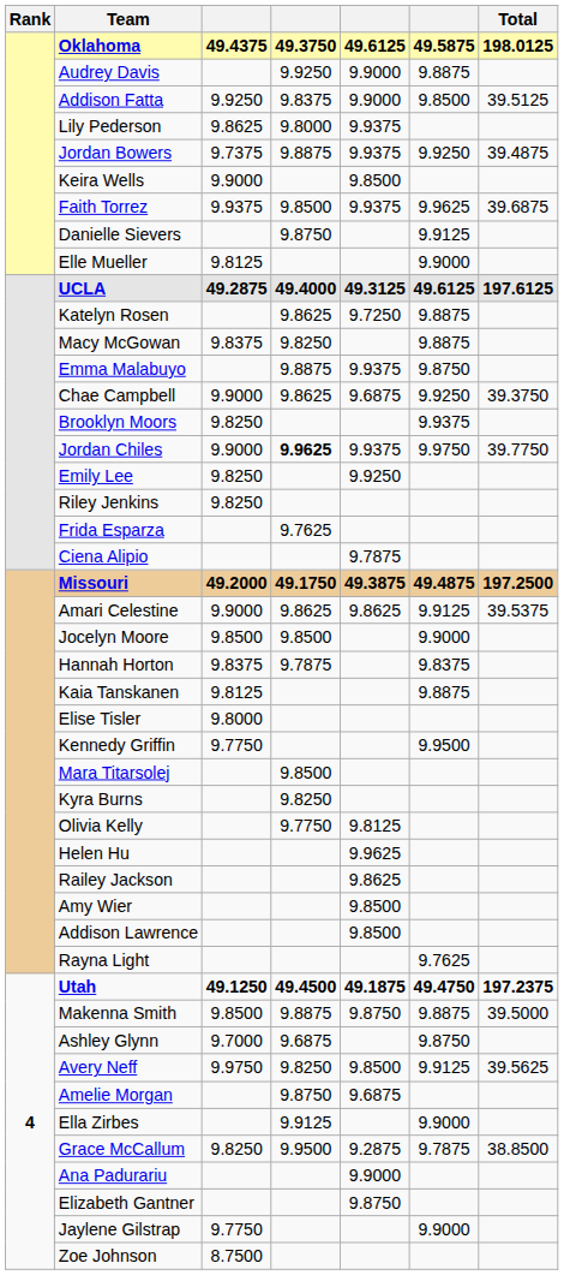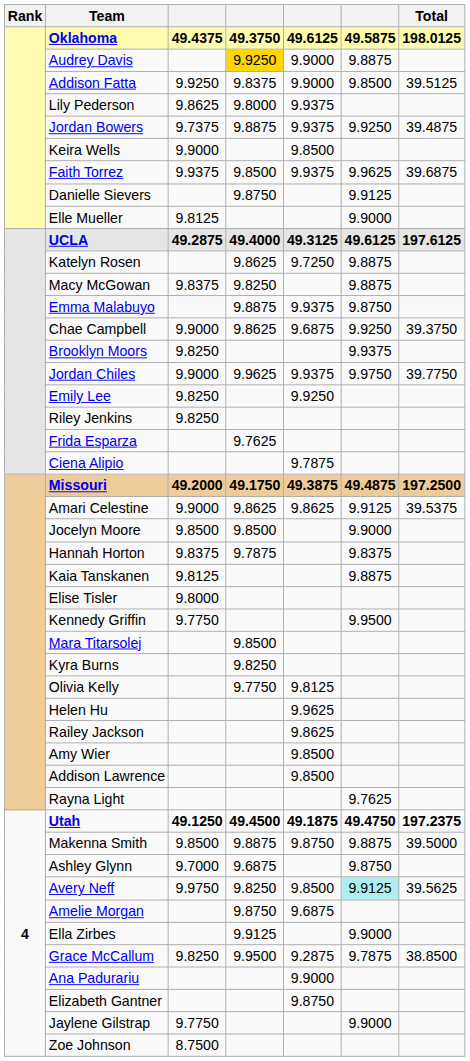 <table class="wikitable" style="text-align:center; font-size:95%">
 <tr>
 <th rowspan="1">Rank</th>
 <th rowspan="1">Team</th>
 <th colspan="1"></th>
 <th colspan="1"></th>
 <th colspan="1"></th>
 <th colspan="1"></th>
 <th rowspan="1">Total</th>
 </tr>
 <tr style="background:#fffcaf;">
 <td rowspan="9"></td>
 <td style="text-align:left;"><strong><a href='#'>Oklahoma</a></strong></td>
 <td><strong>49.4375</strong></td>
 <td><strong>49.3750</strong></td>
 <td><strong>49.6125</strong></td>
 <td><strong>49.5875</strong></td>
 <td><strong>198.0125</strong></td>
 </tr>
 <tr>
 <td style="text-align:left;"><a href='#'>Audrey Davis</a></td>
 <td></td>
-<td>9.9250</td>
+<td style="background: gold;">9.9250</td>
 <td>9.9000</td>
 <td>9.8875</td>
 <td></td>
 </tr>
 <tr>
 <td style="text-align:left;"><a href='#'>Addison Fatta</a></td>
 <td>9.9250</td>
 <td>9.8375</td>
 <td>9.9000</td>
 <td>9.8500</td>
 <td>39.5125</td>
 </tr>
 <tr>
 <td style="text-align:left;">Lily Pederson</td>
 <td>9.8625</td>
 <td>9.8000</td>
 <td>9.9375</td>
 <td></td>
 <td></td>
 </tr>
 <tr>
 <td style="text-align:left;"><a href='#'>Jordan Bowers</a></td>
 <td>9.7375</td>
 <td>9.8875</td>
 <td>9.9375</td>
 <td>9.9250</td>
 <td>39.4875</td>
 </tr>
 <tr>
 <td style="text-align:left;">Keira Wells</td>
 <td>9.9000</td>
 <td></td>
 <td>9.8500</td>
 <td></td>
 <td></td>
 </tr>
 <tr>
 <td style="text-align:left;"><a href='#'>Faith Torrez</a></td>
 <td>9.9375</td>
 <td>9.8500</td>
 <td>9.9375</td>
 <td>9.9625</td>
 <td>39.6875</td>
 </tr>
 <tr>
 <td style="text-align:left;">Danielle Sievers</td>
 <td></td>
 <td>9.8750</td>
 <td></td>
 <td>9.9125</td>
 <td></td>
 </tr>
 <tr>
 <td style="text-align:left;">Elle Mueller</td>
 <td>9.8125</td>
 <td></td>
 <td></td>
 <td>9.9000</td>
 <td></td>
 </tr>
 <tr style="background:#e5e5e5;">
 <td rowspan="11"></td>
 <td style="text-align:left;"><strong><a href='#'>UCLA</a></strong></td>
 <td><strong>49.2875</strong></td>
 <td><strong>49.4000</strong></td>
 <td><strong>49.3125</strong></td>
 <td><strong>49.6125</strong></td>
 <td><strong>197.6125</strong></td>
 </tr>
 <tr>
 <td style="text-align:left;">Katelyn Rosen</td>
 <td></td>
 <td>9.8625</td>
 <td>9.7250</td>
 <td>9.8875</td>
 <td></td>
 </tr>
 <tr>
 <td style="text-align:left;">Macy McGowan</td>
 <td>9.8375</td>
 <td>9.8250</td>
 <td></td>
 <td>9.8875</td>
 <td></td>
 </tr>
 <tr>
 <td style="text-align:left;"><a href='#'>Emma Malabuyo</a></td>
 <td></td>
 <td>9.8875</td>
 <td>9.9375</td>
 <td>9.8750</td>
 <td></td>
 </tr>
 <tr>
 <td style="text-align:left;">Chae Campbell</td>
 <td>9.9000</td>
 <td>9.8625</td>
 <td>9.6875</td>
 <td>9.9250</td>
 <td>39.3750</td>
 </tr>
 <tr>
 <td style="text-align:left;"><a href='#'>Brooklyn Moors</a></td>
 <td>9.8250</td>
 <td></td>
 <td></td>
 <td>9.9375</td>
 <td></td>
 </tr>
 <tr>
 <td style="text-align:left;"><a href='#'>Jordan Chiles</a></td>
 <td>9.9000</td>
-<td><strong>9.9625</strong></td>
+<td>9.9625</td>
 <td>9.9375</td>
 <td>9.9750</td>
 <td>39.7750</td>
 </tr>
 <tr>
 <td style="text-align:left;"><a href='#'>Emily Lee</a></td>
 <td>9.8250</td>
 <td></td>
 <td>9.9250</td>
 <td></td>
 <td></td>
 </tr>
 <tr>
 <td style="text-align:left;">Riley Jenkins</td>
 <td>9.8250</td>
 <td></td>
 <td></td>
 <td></td>
 <td></td>
 </tr>
 <tr>
 <td style="text-align:left;"><a href='#'>Frida Esparza</a></td>
 <td></td>
 <td>9.7625</td>
 <td></td>
 <td></td>
 <td></td>
 </tr>
 <tr>
 <td style="text-align:left;"><a href='#'>Ciena Alipio</a></td>
 <td></td>
 <td></td>
 <td>9.7875</td>
 <td></td>
 <td></td>
 </tr>
 <tr style="background:#ec9;">
 <td rowspan="15"> </td>
 <td style="text-align:left;"><strong><a href='#'>Missouri</a></strong></td>
 <td><strong>49.2000</strong></td>
 <td><strong>49.1750</strong></td>
 <td><strong>49.3875</strong></td>
 <td><strong>49.4875</strong></td>
 <td><strong>197.2500</strong></td>
 </tr>
 <tr>
 <td style="text-align:left;">Amari Celestine</td>
 <td>9.9000</td>
 <td>9.8625</td>
 <td>9.8625</td>
 <td>9.9125</td>
 <td>39.5375</td>
 </tr>
 <tr>
 <td style="text-align:left;">Jocelyn Moore</td>
 <td>9.8500</td>
 <td>9.8500</td>
 <td></td>
 <td>9.9000</td>
 <td></td>
 </tr>
 <tr>
 <td style="text-align:left;">Hannah Horton</td>
 <td>9.8375</td>
 <td>9.7875</td>
 <td></td>
 <td>9.8375</td>
 <td></td>
 </tr>
 <tr>
 <td style="text-align:left;">Kaia Tanskanen</td>
 <td>9.8125</td>
 <td></td>
 <td></td>
 <td>9.8875</td>
 <td></td>
 </tr>
 <tr>
 <td style="text-align:left;">Elise Tisler</td>
 <td>9.8000</td>
 <td></td>
 <td></td>
 <td></td>
 <td></td>
 </tr>
 <tr>
 <td style="text-align:left;">Kennedy Griffin</td>
 <td>9.7750</td>
 <td></td>
 <td></td>
 <td>9.9500</td>
 <td></td>
 </tr>
 <tr>
 <td style="text-align:left;"><a href='#'>Mara Titarsolej</a></td>
 <td></td>
 <td>9.8500</td>
 <td></td>
 <td></td>
 <td></td>
 </tr>
 <tr>
 <td style="text-align:left;">Kyra Burns</td>
 <td></td>
 <td>9.8250</td>
 <td></td>
 <td></td>
 <td></td>
 </tr>
 <tr>
 <td style="text-align:left;">Olivia Kelly</td>
 <td></td>
 <td>9.7750</td>
 <td>9.8125</td>
 <td></td>
 <td></td>
 </tr>
 <tr>
 <td style="text-align:left;">Helen Hu</td>
 <td></td>
 <td></td>
 <td>9.9625</td>
 <td></td>
 <td></td>
 </tr>
 <tr>
 <td style="text-align:left;">Railey Jackson</td>
 <td></td>
 <td></td>
 <td>9.8625</td>
 <td></td>
 <td></td>
 </tr>
 <tr>
 <td style="text-align:left;">Amy Wier</td>
 <td></td>
 <td></td>
 <td>9.8500</td>
 <td></td>
 <td></td>
 </tr>
 <tr>
 <td style="text-align:left;">Addison Lawrence</td>
 <td></td>
 <td></td>
 <td>9.8500</td>
 <td></td>
 <td></td>
 </tr>
 <tr>
 <td style="text-align:left;">Rayna Light</td>
 <td></td>
 <td></td>
 <td></td>
 <td>9.7625</td>
 <td></td>
 </tr>
 <tr>
 <td rowspan="11"><strong>4</strong></td>
 <td style="text-align:left;"><strong><a href='#'>Utah</a></strong></td>
 <td><strong>49.1250</strong></td>
 <td><strong>49.4500</strong></td>
 <td><strong>49.1875</strong></td>
 <td><strong>49.4750</strong></td>
 <td><strong>197.2375</strong></td>
 </tr>
 <tr>
 <td style="text-align:left;">Makenna Smith</td>
 <td>9.8500</td>
 <td>9.8875</td>
 <td>9.8750</td>
 <td>9.8875</td>
 <td>39.5000</td>
 </tr>
 <tr>
 <td style="text-align:left;">Ashley Glynn</td>
 <td>9.7000</td>
 <td>9.6875</td>
 <td></td>
 <td>9.8750</td>
 <td></td>
 </tr>
 <tr>
 <td style="text-align:left;"><a href='#'>Avery Neff</a></td>
 <td>9.9750</td>
 <td>9.8250</td>
 <td>9.8500</td>
-<td>9.9125</td>
+<td style="background: paleturquoise;">9.9125</td>
 <td>39.5625</td>
 </tr>
 <tr>
 <td style="text-align:left;"><a href='#'>Amelie Morgan</a></td>
 <td></td>
 <td>9.8750</td>
 <td>9.6875</td>
 <td></td>
 <td></td>
 </tr>
 <tr>
 <td style="text-align:left;">Ella Zirbes</td>
 <td></td>
 <td>9.9125</td>
 <td></td>
 <td>9.9000</td>
 <td></td>
 </tr>
 <tr>
 <td style="text-align:left;"><a href='#'>Grace McCallum</a></td>
 <td>9.8250</td>
 <td>9.9500</td>
 <td>9.2875</td>
 <td>9.7875</td>
 <td>38.8500</td>
 </tr>
 <tr>
 <td style="text-align:left;"><a href='#'>Ana Padurariu</a></td>
 <td></td>
 <td></td>
 <td>9.9000</td>
 <td></td>
 <td></td>
 </tr>
 <tr>
 <td style="text-align:left;">Elizabeth Gantner</td>
 <td></td>
 <td></td>
 <td>9.8750</td>
 <td></td>
 <td></td>
 </tr>
 <tr>
 <td style="text-align:left;">Jaylene Gilstrap</td>
 <td>9.7750</td>
 <td></td>
 <td></td>
 <td>9.9000</td>
 <td></td>
 </tr>
 <tr>
 <td style="text-align:left;">Zoe Johnson</td>
 <td>8.7500</td>
 <td></td>
 <td></td>
 <td></td>
 <td></td>
 </tr>
 </table>
